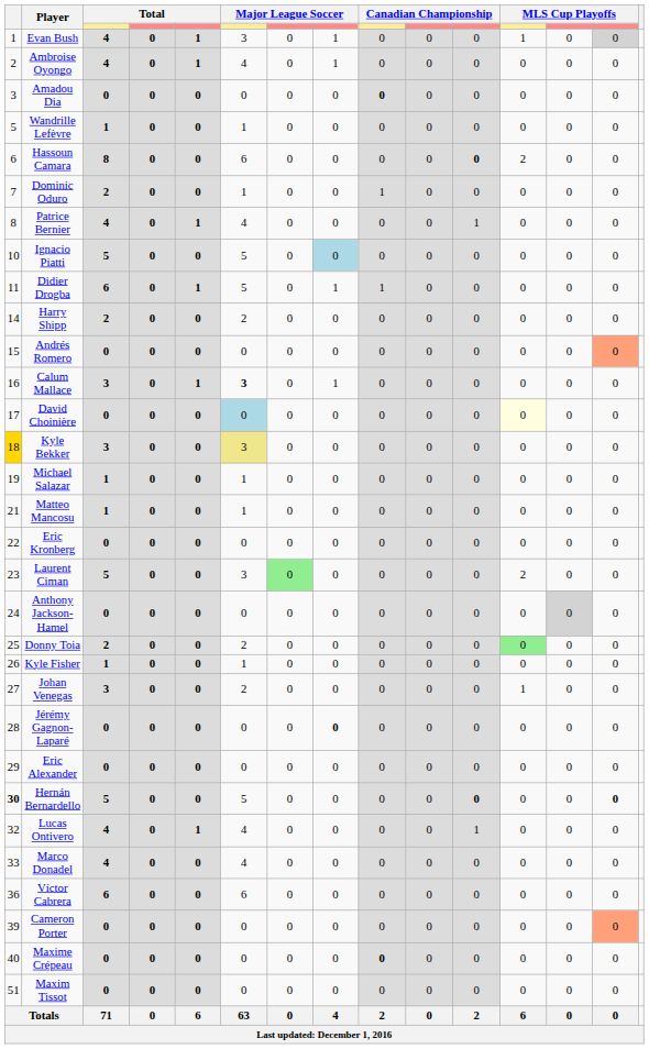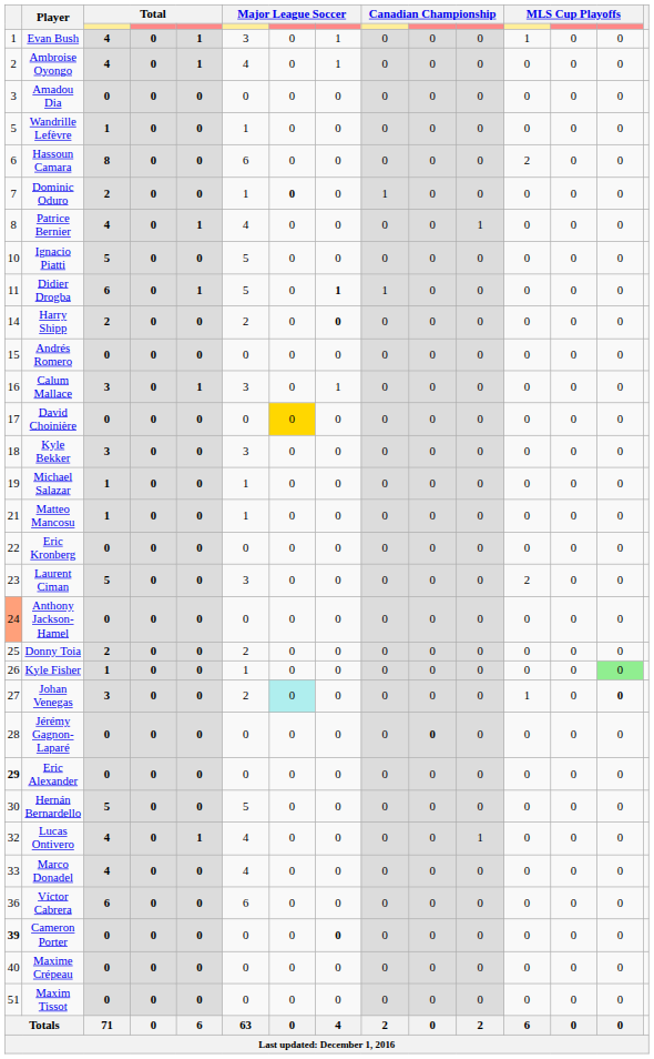 <table class="wikitable" style="text-align:center;">
 <tr style="text-align:center;">
 <th rowspan="2"></th>
 <th rowspan="2">Player</th>
 <th colspan="3">Total</th>
 <th colspan="3"><a href='#'>Major League Soccer</a></th>
 <th colspan="3"><a href='#'>Canadian Championship</a></th>
 <th colspan="3"><a href='#'>MLS Cup Playoffs</a></th>
 <th rowspan="2"></th>
 </tr>
 <tr>
 <th style="width:60px; background:#fe9;"></th>
 <th style="width:60px; background:#ff8888;"></th>
 <th style="width:60px; background:#ff8888;"></th>
 <th style="width:60px; background:#fe9;"></th>
 <th style="width:60px; background:#ff8888;"></th>
 <th style="width:60px; background:#ff8888;"></th>
 <th style="width:60px; background:#fe9;"></th>
 <th style="width:60px; background:#ff8888;"></th>
 <th style="width:60px; background:#ff8888;"></th>
 <th style="width:60px; background:#fe9;"></th>
 <th style="width:60px; background:#ff8888;"></th>
 <th style="width:60px; background:#ff8888;"></th>
 </tr>
 <tr>
 <td>1</td>
 <td><a href='#'>Evan Bush</a></td>
 <td style="background:#DCDCDC"><strong>4</strong> </td>
 <td style="background:#DCDCDC"><strong>0</strong> </td>
 <td style="background:#DCDCDC"><strong>1</strong> </td>
 <td>3 </td>
 <td>0 </td>
 <td>1 </td>
 <td style="background:#DCDCDC">0 </td>
 <td style="background:#DCDCDC">0 </td>
 <td style="background:#DCDCDC">0 </td>
 <td>1 </td>
 <td>0 </td>
-<td style="background: lightgrey;">0 </td>
+<td>0 </td>
 <td></td>
 </tr>
 <tr>
 <td>2</td>
 <td><a href='#'>Ambroise Oyongo</a></td>
 <td style="background:#DCDCDC"><strong>4</strong> </td>
 <td style="background:#DCDCDC"><strong>0</strong> </td>
 <td style="background:#DCDCDC"><strong>1</strong> </td>
 <td>4 </td>
 <td>0 </td>
 <td>1 </td>
 <td style="background:#DCDCDC">0 </td>
 <td style="background:#DCDCDC">0 </td>
 <td style="background:#DCDCDC">0 </td>
 <td>0 </td>
 <td>0 </td>
 <td>0 </td>
 <td></td>
 </tr>
 <tr>
 <td>3</td>
 <td><a href='#'>Amadou Dia</a></td>
 <td style="background:#DCDCDC"><strong>0</strong> </td>
 <td style="background:#DCDCDC"><strong>0</strong> </td>
 <td style="background:#DCDCDC"><strong>0</strong> </td>
 <td>0 </td>
 <td>0 </td>
 <td>0 </td>
-<td style="background:#DCDCDC"><strong>0 </strong></td>
+<td style="background:#DCDCDC">0 </td>
 <td style="background:#DCDCDC">0 </td>
 <td style="background:#DCDCDC">0 </td>
 <td>0 </td>
 <td>0 </td>
 <td>0 </td>
 <td></td>
 </tr>
 <tr>
 <td>5</td>
 <td><a href='#'>Wandrille Lefèvre</a></td>
 <td style="background:#DCDCDC"><strong>1</strong> </td>
 <td style="background:#DCDCDC"><strong>0</strong> </td>
 <td style="background:#DCDCDC"><strong>0</strong> </td>
 <td>1 </td>
 <td>0 </td>
 <td>0 </td>
 <td style="background:#DCDCDC">0 </td>
 <td style="background:#DCDCDC">0 </td>
 <td style="background:#DCDCDC">0 </td>
 <td>0 </td>
 <td>0 </td>
 <td>0 </td>
 <td></td>
 </tr>
 <tr>
 <td>6</td>
 <td><a href='#'>Hassoun Camara</a></td>
 <td style="background:#DCDCDC"><strong>8</strong> </td>
 <td style="background:#DCDCDC"><strong>0</strong> </td>
 <td style="background:#DCDCDC"><strong>0</strong> </td>
 <td>6 </td>
 <td>0 </td>
 <td>0 </td>
 <td style="background:#DCDCDC">0 </td>
 <td style="background:#DCDCDC">0 </td>
-<td style="background:#DCDCDC"><strong>0 </strong></td>
+<td style="background:#DCDCDC">0 </td>
 <td>2 </td>
 <td>0 </td>
 <td>0 </td>
 <td></td>
 </tr>
 <tr>
 <td>7</td>
 <td><a href='#'>Dominic Oduro</a></td>
 <td style="background:#DCDCDC"><strong>2</strong> </td>
 <td style="background:#DCDCDC"><strong>0</strong> </td>
 <td style="background:#DCDCDC"><strong>0</strong> </td>
 <td>1 </td>
-<td>0 </td>
+<td><strong>0 </strong></td>
 <td>0 </td>
 <td style="background:#DCDCDC">1 </td>
 <td style="background:#DCDCDC">0 </td>
 <td style="background:#DCDCDC">0 </td>
 <td>0 </td>
 <td>0 </td>
 <td>0 </td>
 <td></td>
 </tr>
 <tr>
 <td>8</td>
 <td><a href='#'>Patrice Bernier</a></td>
 <td style="background:#DCDCDC"><strong>4</strong> </td>
 <td style="background:#DCDCDC"><strong>0</strong> </td>
 <td style="background:#DCDCDC"><strong>1</strong> </td>
 <td>4 </td>
 <td>0 </td>
 <td>0 </td>
 <td style="background:#DCDCDC">0 </td>
 <td style="background:#DCDCDC">0 </td>
 <td style="background:#DCDCDC">1 </td>
 <td>0 </td>
 <td>0 </td>
 <td>0 </td>
 <td></td>
 </tr>
 <tr>
 <td>10</td>
 <td><a href='#'>Ignacio Piatti</a></td>
 <td style="background:#DCDCDC"><strong>5</strong> </td>
 <td style="background:#DCDCDC"><strong>0</strong> </td>
 <td style="background:#DCDCDC"><strong>0</strong> </td>
 <td>5 </td>
 <td>0 </td>
-<td style="background: lightblue;">0 </td>
+<td>0 </td>
 <td style="background:#DCDCDC">0 </td>
 <td style="background:#DCDCDC">0 </td>
 <td style="background:#DCDCDC">0 </td>
 <td>0 </td>
 <td>0 </td>
 <td>0 </td>
 <td></td>
 </tr>
 <tr>
 <td>11</td>
 <td><a href='#'>Didier Drogba</a></td>
 <td style="background:#DCDCDC"><strong>6</strong> </td>
 <td style="background:#DCDCDC"><strong>0</strong> </td>
 <td style="background:#DCDCDC"><strong>1</strong> </td>
 <td>5 </td>
 <td>0 </td>
-<td>1 </td>
+<td><strong>1 </strong></td>
 <td style="background:#DCDCDC">1 </td>
 <td style="background:#DCDCDC">0 </td>
 <td style="background:#DCDCDC">0 </td>
 <td>0 </td>
 <td>0 </td>
 <td>0 </td>
 <td></td>
 </tr>
 <tr>
 <td>14</td>
 <td><a href='#'>Harry Shipp</a></td>
 <td style="background:#DCDCDC"><strong>2</strong> </td>
 <td style="background:#DCDCDC"><strong>0</strong> </td>
 <td style="background:#DCDCDC"><strong>0</strong> </td>
 <td>2 </td>
 <td>0 </td>
-<td>0 </td>
+<td><strong>0 </strong></td>
 <td style="background:#DCDCDC">0 </td>
 <td style="background:#DCDCDC">0 </td>
 <td style="background:#DCDCDC">0 </td>
 <td>0 </td>
 <td>0 </td>
 <td>0 </td>
 <td></td>
 </tr>
 <tr>
 <td>15</td>
 <td><a href='#'>Andrés Romero</a></td>
 <td style="background:#DCDCDC"><strong>0</strong> </td>
 <td style="background:#DCDCDC"><strong>0</strong> </td>
 <td style="background:#DCDCDC"><strong>0</strong> </td>
 <td>0 </td>
 <td>0 </td>
 <td>0 </td>
 <td style="background:#DCDCDC">0 </td>
 <td style="background:#DCDCDC">0 </td>
 <td style="background:#DCDCDC">0 </td>
 <td>0 </td>
 <td>0 </td>
-<td style="background: lightsalmon;">0 </td>
+<td>0 </td>
 <td></td>
 </tr>
 <tr>
 <td>16</td>
 <td><a href='#'>Calum Mallace</a></td>
 <td style="background:#DCDCDC"><strong>3</strong> </td>
 <td style="background:#DCDCDC"><strong>0</strong> </td>
 <td style="background:#DCDCDC"><strong>1</strong> </td>
-<td><strong>3 </strong></td>
+<td>3 </td>
 <td>0 </td>
 <td>1 </td>
 <td style="background:#DCDCDC">0 </td>
 <td style="background:#DCDCDC">0 </td>
 <td style="background:#DCDCDC">0 </td>
 <td>0 </td>
 <td>0 </td>
 <td>0 </td>
 <td></td>
 </tr>
 <tr>
 <td>17</td>
 <td><a href='#'>David Choinière</a></td>
 <td style="background:#DCDCDC"><strong>0</strong> </td>
 <td style="background:#DCDCDC"><strong>0</strong> </td>
 <td style="background:#DCDCDC"><strong>0</strong> </td>
-<td style="background: lightblue;">0 </td>
 <td>0 </td>
+<td style="background: gold;">0 </td>
 <td>0 </td>
 <td style="background:#DCDCDC">0 </td>
 <td style="background:#DCDCDC">0 </td>
 <td style="background:#DCDCDC">0 </td>
-<td style="background: lightyellow;">0 </td>
+<td>0 </td>
 <td>0 </td>
 <td>0 </td>
 <td></td>
 </tr>
 <tr>
-<td style="background: gold;">18</td>
+<td>18</td>
 <td><a href='#'>Kyle Bekker</a></td>
 <td style="background:#DCDCDC"><strong>3</strong> </td>
 <td style="background:#DCDCDC"><strong>0</strong> </td>
 <td style="background:#DCDCDC"><strong>0</strong> </td>
-<td style="background: khaki;">3 </td>
+<td>3 </td>
 <td>0 </td>
 <td>0 </td>
 <td style="background:#DCDCDC">0 </td>
 <td style="background:#DCDCDC">0 </td>
 <td style="background:#DCDCDC">0 </td>
 <td>0 </td>
 <td>0 </td>
 <td>0 </td>
 <td></td>
 </tr>
 <tr>
 <td>19</td>
 <td><a href='#'>Michael Salazar</a></td>
 <td style="background:#DCDCDC"><strong>1</strong> </td>
 <td style="background:#DCDCDC"><strong>0</strong> </td>
 <td style="background:#DCDCDC"><strong>0</strong> </td>
 <td>1 </td>
 <td>0 </td>
 <td>0 </td>
 <td style="background:#DCDCDC">0 </td>
 <td style="background:#DCDCDC">0 </td>
 <td style="background:#DCDCDC">0 </td>
 <td>0 </td>
 <td>0 </td>
 <td>0 </td>
 <td></td>
 </tr>
 <tr>
 <td>21</td>
 <td><a href='#'>Matteo Mancosu</a></td>
 <td style="background:#DCDCDC"><strong>1</strong> </td>
 <td style="background:#DCDCDC"><strong>0</strong> </td>
 <td style="background:#DCDCDC"><strong>0</strong> </td>
 <td>1 </td>
 <td>0 </td>
 <td>0 </td>
 <td style="background:#DCDCDC">0 </td>
 <td style="background:#DCDCDC">0 </td>
 <td style="background:#DCDCDC">0 </td>
 <td>0 </td>
 <td>0 </td>
 <td>0 </td>
 <td></td>
 </tr>
 <tr>
 <td>22</td>
 <td><a href='#'>Eric Kronberg</a></td>
 <td style="background:#DCDCDC"><strong>0</strong> </td>
 <td style="background:#DCDCDC"><strong>0</strong> </td>
 <td style="background:#DCDCDC"><strong>0</strong> </td>
 <td>0 </td>
 <td>0 </td>
 <td>0 </td>
 <td style="background:#DCDCDC">0 </td>
 <td style="background:#DCDCDC">0 </td>
 <td style="background:#DCDCDC">0 </td>
 <td>0 </td>
 <td>0 </td>
 <td>0 </td>
 <td></td>
 </tr>
 <tr>
 <td>23</td>
 <td><a href='#'>Laurent Ciman</a></td>
 <td style="background:#DCDCDC"><strong>5</strong> </td>
 <td style="background:#DCDCDC"><strong>0</strong> </td>
 <td style="background:#DCDCDC"><strong>0</strong> </td>
 <td>3 </td>
-<td style="background: lightgreen;">0 </td>
+<td>0 </td>
 <td>0 </td>
 <td style="background:#DCDCDC">0 </td>
 <td style="background:#DCDCDC">0 </td>
 <td style="background:#DCDCDC">0 </td>
 <td>2 </td>
 <td>0 </td>
 <td>0 </td>
 <td></td>
 </tr>
 <tr>
-<td>24</td>
+<td style="background: lightsalmon;">24</td>
 <td><a href='#'>Anthony Jackson-Hamel</a></td>
 <td style="background:#DCDCDC"><strong>0</strong> </td>
 <td style="background:#DCDCDC"><strong>0</strong> </td>
 <td style="background:#DCDCDC"><strong>0</strong> </td>
 <td>0 </td>
 <td>0 </td>
 <td>0 </td>
 <td style="background:#DCDCDC">0 </td>
 <td style="background:#DCDCDC">0 </td>
 <td style="background:#DCDCDC">0 </td>
 <td>0 </td>
-<td style="background: lightgrey;">0 </td>
+<td>0 </td>
 <td>0 </td>
 <td></td>
 </tr>
 <tr>
 <td>25</td>
 <td><a href='#'>Donny Toia</a></td>
 <td style="background:#DCDCDC"><strong>2</strong> </td>
 <td style="background:#DCDCDC"><strong>0</strong> </td>
 <td style="background:#DCDCDC"><strong>0</strong> </td>
 <td>2 </td>
 <td>0 </td>
 <td>0 </td>
 <td style="background:#DCDCDC">0 </td>
 <td style="background:#DCDCDC">0 </td>
 <td style="background:#DCDCDC">0 </td>
-<td style="background: lightgreen;">0 </td>
+<td>0 </td>
 <td>0 </td>
 <td>0 </td>
 <td></td>
 </tr>
 <tr>
 <td>26</td>
 <td><a href='#'>Kyle Fisher</a></td>
 <td style="background:#DCDCDC"><strong>1</strong> </td>
 <td style="background:#DCDCDC"><strong>0</strong> </td>
 <td style="background:#DCDCDC"><strong>0</strong> </td>
 <td>1 </td>
 <td>0 </td>
 <td>0 </td>
 <td style="background:#DCDCDC">0 </td>
 <td style="background:#DCDCDC">0 </td>
 <td style="background:#DCDCDC">0 </td>
 <td>0 </td>
 <td>0 </td>
-<td>0 </td>
+<td style="background: lightgreen;">0 </td>
 <td></td>
 </tr>
 <tr>
 <td>27</td>
 <td><a href='#'>Johan Venegas</a></td>
 <td style="background:#DCDCDC"><strong>3</strong> </td>
 <td style="background:#DCDCDC"><strong>0</strong> </td>
 <td style="background:#DCDCDC"><strong>0</strong> </td>
 <td>2 </td>
-<td>0 </td>
+<td style="background: paleturquoise;">0 </td>
 <td>0 </td>
 <td style="background:#DCDCDC">0 </td>
 <td style="background:#DCDCDC">0 </td>
 <td style="background:#DCDCDC">0 </td>
 <td>1 </td>
 <td>0 </td>
-<td>0 </td>
+<td><strong>0 </strong></td>
 <td></td>
 </tr>
 <tr>
 <td>28</td>
 <td><a href='#'>Jérémy Gagnon-Laparé</a></td>
 <td style="background:#DCDCDC"><strong>0</strong> </td>
 <td style="background:#DCDCDC"><strong>0</strong> </td>
 <td style="background:#DCDCDC"><strong>0</strong> </td>
 <td>0 </td>
 <td>0 </td>
-<td><strong>0 </strong></td>
+<td>0 </td>
 <td style="background:#DCDCDC">0 </td>
-<td style="background:#DCDCDC">0 </td>
+<td style="background:#DCDCDC"><strong>0 </strong></td>
 <td style="background:#DCDCDC">0 </td>
 <td>0 </td>
 <td>0 </td>
 <td>0 </td>
 <td></td>
 </tr>
 <tr>
-<td>29</td>
+<td><strong>29</strong></td>
 <td><a href='#'>Eric Alexander</a></td>
 <td style="background:#DCDCDC"><strong>0</strong> </td>
 <td style="background:#DCDCDC"><strong>0</strong> </td>
 <td style="background:#DCDCDC"><strong>0</strong> </td>
 <td>0 </td>
 <td>0 </td>
 <td>0 </td>
 <td style="background:#DCDCDC">0 </td>
 <td style="background:#DCDCDC">0 </td>
 <td style="background:#DCDCDC">0 </td>
 <td>0 </td>
 <td>0 </td>
 <td>0 </td>
 <td></td>
 </tr>
 <tr>
-<td><strong>30</strong></td>
+<td>30</td>
 <td><a href='#'>Hernán Bernardello</a></td>
 <td style="background:#DCDCDC"><strong>5</strong> </td>
 <td style="background:#DCDCDC"><strong>0</strong> </td>
 <td style="background:#DCDCDC"><strong>0</strong> </td>
 <td>5 </td>
 <td>0 </td>
 <td>0 </td>
 <td style="background:#DCDCDC">0 </td>
 <td style="background:#DCDCDC">0 </td>
-<td style="background:#DCDCDC"><strong>0 </strong></td>
+<td style="background:#DCDCDC">0 </td>
 <td>0 </td>
 <td>0 </td>
-<td><strong>0 </strong></td>
+<td>0 </td>
 <td></td>
 </tr>
 <tr>
 <td>32</td>
 <td><a href='#'>Lucas Ontivero</a></td>
 <td style="background:#DCDCDC"><strong>4</strong> </td>
 <td style="background:#DCDCDC"><strong>0</strong> </td>
 <td style="background:#DCDCDC"><strong>1</strong> </td>
 <td>4 </td>
 <td>0 </td>
 <td>0 </td>
 <td style="background:#DCDCDC">0 </td>
 <td style="background:#DCDCDC">0 </td>
 <td style="background:#DCDCDC">1 </td>
 <td>0 </td>
 <td>0 </td>
 <td>0 </td>
 <td></td>
 </tr>
 <tr>
 <td>33</td>
 <td><a href='#'>Marco Donadel</a></td>
 <td style="background:#DCDCDC"><strong>4</strong> </td>
 <td style="background:#DCDCDC"><strong>0</strong> </td>
 <td style="background:#DCDCDC"><strong>0</strong> </td>
 <td>4 </td>
 <td>0 </td>
 <td>0 </td>
 <td style="background:#DCDCDC">0 </td>
 <td style="background:#DCDCDC">0 </td>
 <td style="background:#DCDCDC">0 </td>
 <td>0 </td>
 <td>0 </td>
 <td>0 </td>
 <td></td>
 </tr>
 <tr>
 <td>36</td>
 <td><a href='#'>Víctor Cabrera</a></td>
 <td style="background:#DCDCDC"><strong>6</strong> </td>
 <td style="background:#DCDCDC"><strong>0</strong> </td>
 <td style="background:#DCDCDC"><strong>0</strong> </td>
 <td>6 </td>
 <td>0 </td>
 <td>0 </td>
 <td style="background:#DCDCDC">0 </td>
 <td style="background:#DCDCDC">0 </td>
 <td style="background:#DCDCDC">0 </td>
 <td>0 </td>
 <td>0 </td>
 <td>0 </td>
 <td></td>
 </tr>
 <tr>
-<td>39</td>
+<td><strong>39</strong></td>
 <td><a href='#'>Cameron Porter</a></td>
 <td style="background:#DCDCDC"><strong>0</strong> </td>
 <td style="background:#DCDCDC"><strong>0</strong> </td>
 <td style="background:#DCDCDC"><strong>0</strong> </td>
 <td>0 </td>
 <td>0 </td>
-<td>0 </td>
+<td><strong>0 </strong></td>
 <td style="background:#DCDCDC">0 </td>
 <td style="background:#DCDCDC">0 </td>
 <td style="background:#DCDCDC">0 </td>
 <td>0 </td>
 <td>0 </td>
-<td style="background: lightsalmon;">0 </td>
+<td>0 </td>
 <td></td>
 </tr>
 <tr>
 <td>40</td>
 <td><a href='#'>Maxime Crépeau</a></td>
 <td style="background:#DCDCDC"><strong>0</strong> </td>
 <td style="background:#DCDCDC"><strong>0</strong> </td>
 <td style="background:#DCDCDC"><strong>0</strong> </td>
 <td>0 </td>
 <td>0 </td>
 <td>0 </td>
-<td style="background:#DCDCDC"><strong>0 </strong></td>
+<td style="background:#DCDCDC">0 </td>
 <td style="background:#DCDCDC">0 </td>
 <td style="background:#DCDCDC">0 </td>
 <td>0 </td>
 <td>0 </td>
 <td>0 </td>
 <td></td>
 </tr>
 <tr>
 <td>51</td>
 <td><a href='#'>Maxim Tissot</a></td>
 <td style="background:#DCDCDC"><strong>0</strong> </td>
 <td style="background:#DCDCDC"><strong>0</strong> </td>
 <td style="background:#DCDCDC"><strong>0</strong> </td>
 <td>0 </td>
 <td>0 </td>
 <td>0 </td>
 <td style="background:#DCDCDC">0 </td>
 <td style="background:#DCDCDC">0 </td>
 <td style="background:#DCDCDC">0 </td>
 <td>0 </td>
 <td>0 </td>
 <td>0 </td>
 <td></td>
 </tr>
 <tr>
 <th colspan="2">Totals</th>
 <th>71 </th>
 <th>0 </th>
 <th>6 </th>
 <th>63 </th>
 <th>0 </th>
 <th>4 </th>
 <th>2 </th>
 <th>0 </th>
 <th>2 </th>
 <th>6 </th>
 <th>0 </th>
 <th>0 </th>
 <td></td>
 </tr>
 <tr>
 <th colspan="20"><small>Last updated: December 1, 2016</small></th>
 </tr>
 </table>
